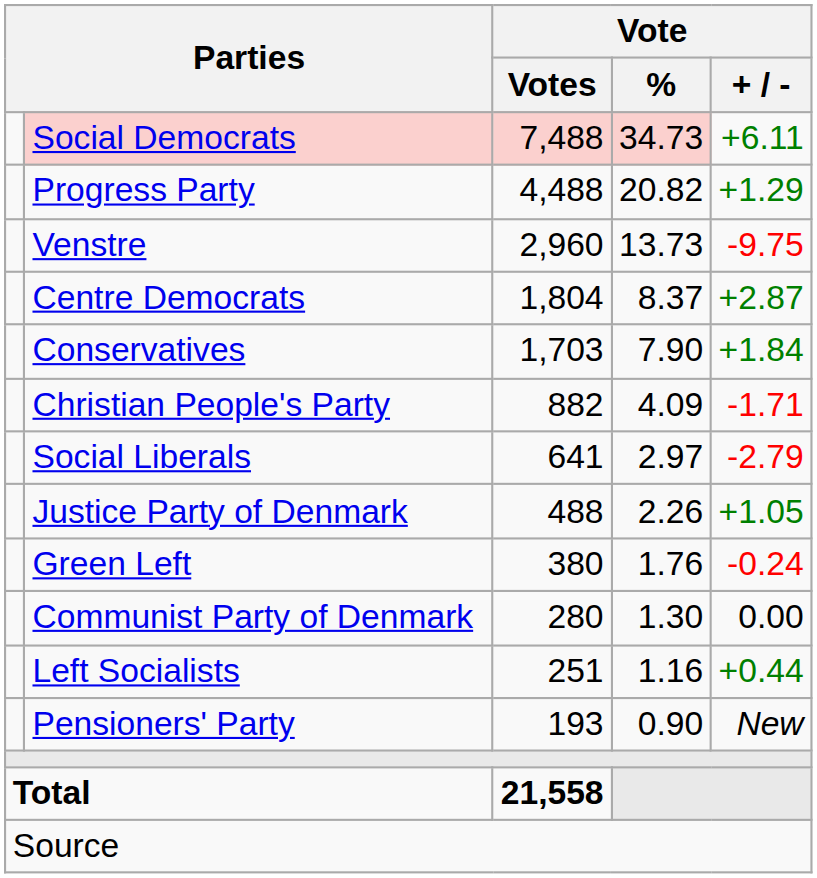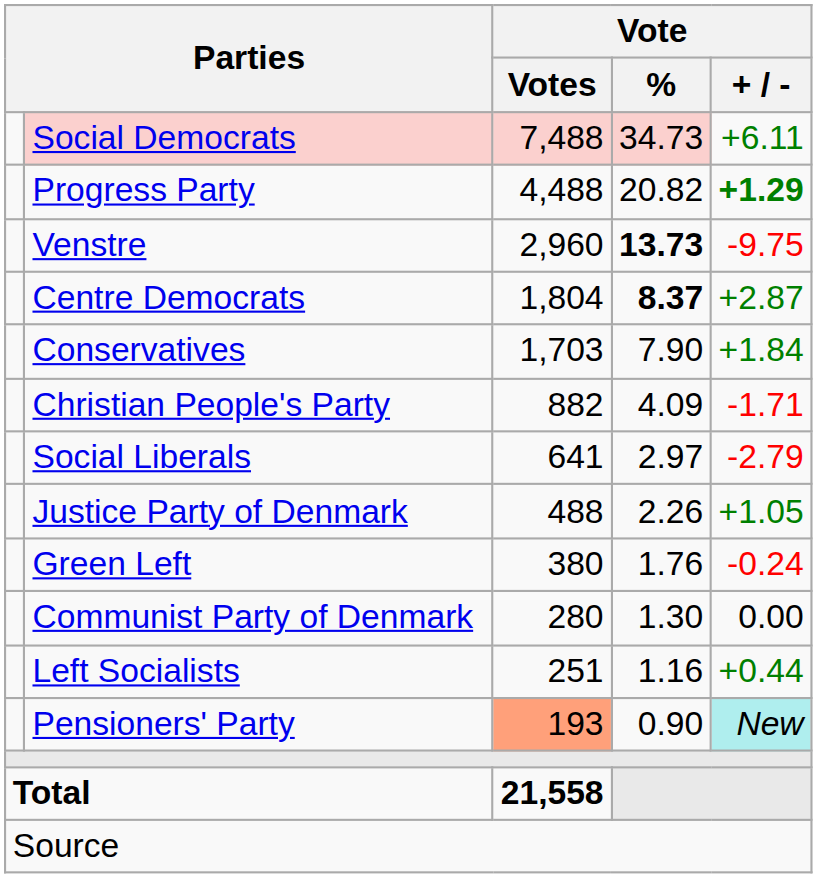 <table class="wikitable" style="text-align:right;">
 <tr>
 <th style="text-align:centre;" rowspan="2" colspan="2" width="225">Parties</th>
 <th colspan="3">Vote</th>
 </tr>
 <tr>
 <th width="15">Votes</th>
 <th width="15">%</th>
 <th width="15">+ / -</th>
 </tr>
 <tr>
 <td width="2" style="color:inherit;background:"></td>
 <td bgcolor=#fbd0ce  align="left"><a href='#'>Social Democrats</a></td>
 <td bgcolor=#fbd0ce>7,488</td>
 <td bgcolor=#fbd0ce>34.73</td>
 <td style=color:green;>+6.11</td>
 </tr>
 <tr>
 <td width="2" style="color:inherit;background:"></td>
 <td align="left"><a href='#'>Progress Party</a></td>
 <td>4,488</td>
 <td>20.82</td>
-<td style=color:green;>+1.29</td>
+<td style=color:green;><strong>+1.29</strong></td>
 </tr>
 <tr>
 <td width="2" style="color:inherit;background:"></td>
 <td align="left"><a href='#'>Venstre</a></td>
 <td>2,960</td>
-<td>13.73</td>
+<td><strong>13.73</strong></td>
 <td style=color:red;>-9.75</td>
 </tr>
 <tr>
 <td width="2" style="color:inherit;background:"></td>
 <td align="left"><a href='#'>Centre Democrats</a></td>
 <td>1,804</td>
-<td>8.37</td>
+<td><strong>8.37</strong></td>
 <td style=color:green;>+2.87</td>
 </tr>
 <tr>
 <td width="2" style="color:inherit;background:"></td>
 <td align="left"><a href='#'>Conservatives</a></td>
 <td>1,703</td>
 <td>7.90</td>
 <td style=color:green;>+1.84</td>
 </tr>
 <tr>
 <td width="2" style="color:inherit;background:"></td>
 <td align="left"><a href='#'>Christian People's Party</a></td>
 <td>882</td>
 <td>4.09</td>
 <td style=color:red;>-1.71</td>
 </tr>
 <tr>
 <td width="2" style="color:inherit;background:"></td>
 <td align="left"><a href='#'>Social Liberals</a></td>
 <td>641</td>
 <td>2.97</td>
 <td style=color:red;>-2.79</td>
 </tr>
 <tr>
 <td width="2" style="color:inherit;background:"></td>
 <td align="left"><a href='#'>Justice Party of Denmark</a></td>
 <td>488</td>
 <td>2.26</td>
 <td style=color:green;>+1.05</td>
 </tr>
 <tr>
 <td width="2" style="color:inherit;background:"></td>
 <td align="left"><a href='#'>Green Left</a></td>
 <td>380</td>
 <td>1.76</td>
 <td style=color:red;>-0.24</td>
 </tr>
 <tr>
 <td width="2" style="color:inherit;background:"></td>
 <td align="left"><a href='#'>Communist Party of Denmark</a></td>
 <td>280</td>
 <td>1.30</td>
 <td>0.00</td>
 </tr>
 <tr>
 <td width="2" style="color:inherit;background:"></td>
 <td align="left"><a href='#'>Left Socialists</a></td>
 <td>251</td>
 <td>1.16</td>
 <td style=color:green;>+0.44</td>
 </tr>
 <tr>
 <td width="2" style="color:inherit;background:"></td>
 <td align="left"><a href='#'>Pensioners' Party</a></td>
-<td>193</td>
+<td style="background: lightsalmon;">193</td>
 <td>0.90</td>
-<td><em>New</em></td>
+<td style="background: paleturquoise;"><em>New</em></td>
 </tr>
 <tr>
 <td colspan="7" bgcolor="#E9E9E9"></td>
 </tr>
 <tr>
 <td align="left" colspan="2"><strong>Total</strong></td>
 <td><strong>21,558</strong></td>
 <td bgcolor="#E9E9E9" colspan="2"></td>
 </tr>
 <tr>
 <td align="left" colspan="6">Source</td>
 </tr>
 </table>
